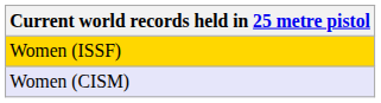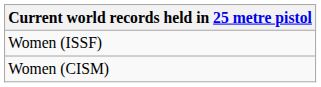 <table class="wikitable" style="font-size: 95%">
 <tr>
 <th colspan=9>Current world records held in <a href='#'>25 metre pistol</a></th>
 </tr>
 <tr>
-<td style="background: gold;">Women (ISSF)<br></td>
+<td>Women (ISSF)<br></td>
 </tr>
 <tr>
-<td style="background: lavender;">Women (CISM)<br></td>
+<td>Women (CISM)<br></td>
 </tr>
 </table>
